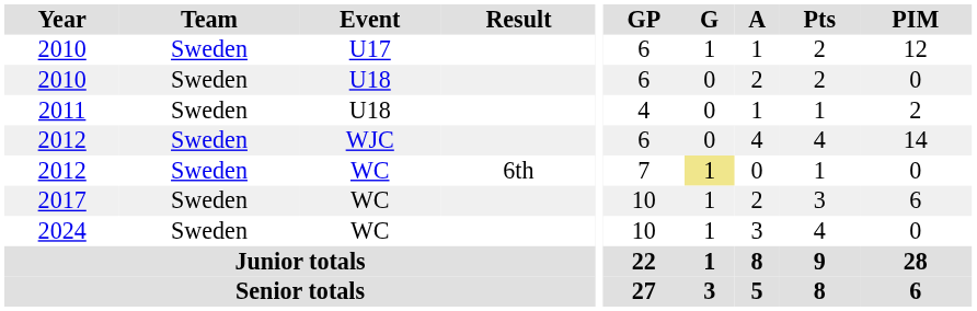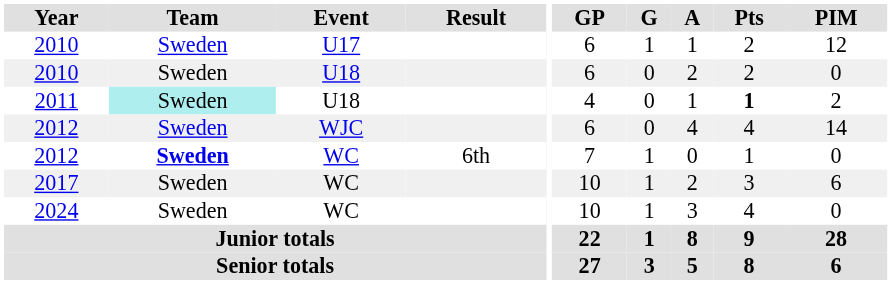 <table border="0" cellpadding="1" cellspacing="0" ID="Table3" style="text-align:center; width:40em">
 <tr ALIGN="center" bgcolor="#e0e0e0">
 <th>Year</th>
 <th>Team</th>
 <th>Event</th>
 <th>Result</th>
 <th rowspan="99" bgcolor="#fff"></th>
 <th>GP</th>
 <th>G</th>
 <th>A</th>
 <th>Pts</th>
 <th>PIM</th>
 </tr>
 <tr>
 <td><a href='#'>2010</a></td>
 <td><a href='#'>Sweden</a></td>
 <td><a href='#'>U17</a></td>
 <td></td>
 <td>6</td>
 <td>1</td>
 <td>1</td>
 <td>2</td>
 <td>12</td>
 </tr>
 <tr bgcolor="#f0f0f0">
 <td><a href='#'>2010</a></td>
 <td>Sweden</td>
 <td><a href='#'>U18</a></td>
 <td></td>
 <td>6</td>
 <td>0</td>
 <td>2</td>
 <td>2</td>
 <td>0</td>
 </tr>
 <tr>
 <td><a href='#'>2011</a></td>
-<td>Sweden</td>
+<td style="background: paleturquoise;">Sweden</td>
 <td>U18</td>
 <td></td>
 <td>4</td>
 <td>0</td>
 <td>1</td>
-<td>1</td>
+<td><strong>1</strong></td>
 <td>2</td>
 </tr>
 <tr bgcolor="#f0f0f0">
 <td><a href='#'>2012</a></td>
 <td><a href='#'>Sweden</a></td>
 <td><a href='#'>WJC</a></td>
 <td></td>
 <td>6</td>
 <td>0</td>
 <td>4</td>
 <td>4</td>
 <td>14</td>
 </tr>
 <tr>
 <td><a href='#'>2012</a></td>
-<td><a href='#'>Sweden</a></td>
+<td><strong><a href='#'>Sweden</a></strong></td>
 <td><a href='#'>WC</a></td>
 <td>6th</td>
 <td>7</td>
-<td style="background: khaki;">1</td>
+<td>1</td>
 <td>0</td>
 <td>1</td>
 <td>0</td>
 </tr>
 <tr bgcolor="#f0f0f0">
 <td><a href='#'>2017</a></td>
 <td>Sweden</td>
 <td>WC</td>
 <td></td>
 <td>10</td>
 <td>1</td>
 <td>2</td>
 <td>3</td>
 <td>6</td>
 </tr>
 <tr>
 <td><a href='#'>2024</a></td>
 <td>Sweden</td>
 <td>WC</td>
 <td></td>
 <td>10</td>
 <td>1</td>
 <td>3</td>
 <td>4</td>
 <td>0</td>
 </tr>
 <tr bgcolor="#e0e0e0">
 <th colspan=4>Junior totals</th>
 <th>22</th>
 <th>1</th>
 <th>8</th>
 <th>9</th>
 <th>28</th>
 </tr>
 <tr bgcolor="#e0e0e0">
 <th colspan=4>Senior totals</th>
 <th>27</th>
 <th>3</th>
 <th>5</th>
 <th>8</th>
 <th>6</th>
 </tr>
 </table>
